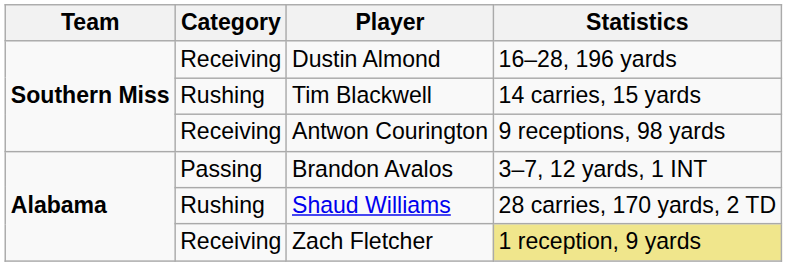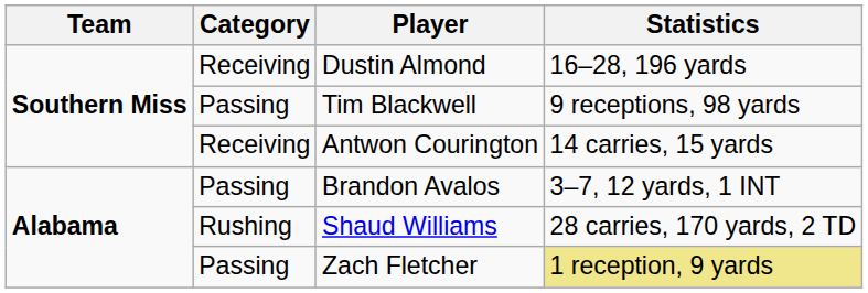 <table class="wikitable" style="float: right;">
 <tr>
 <th>Team</th>
 <th>Category</th>
 <th>Player</th>
 <th>Statistics</th>
 </tr>
 <tr>
 <td rowspan=3><strong>Southern Miss</strong></td>
 <td>Receiving</td>
 <td>Dustin Almond</td>
 <td>16–28, 196 yards</td>
 </tr>
 <tr>
-<td>Rushing</td>
+<td>Passing</td>
 <td>Tim Blackwell</td>
-<td>14 carries, 15 yards</td>
+<td>9 receptions, 98 yards</td>
 </tr>
 <tr>
 <td>Receiving</td>
 <td>Antwon Courington</td>
-<td>9 receptions, 98 yards</td>
+<td>14 carries, 15 yards</td>
 </tr>
 <tr>
 <td rowspan=3><strong>Alabama</strong></td>
 <td>Passing</td>
 <td>Brandon Avalos</td>
 <td>3–7, 12 yards, 1 INT</td>
 </tr>
 <tr>
 <td>Rushing</td>
 <td><a href='#'>Shaud Williams</a></td>
 <td>28 carries, 170 yards, 2 TD</td>
 </tr>
 <tr>
-<td>Receiving</td>
+<td>Passing</td>
 <td>Zach Fletcher</td>
 <td style="background: khaki;">1 reception, 9 yards</td>
 </tr>
 </table>
